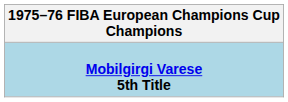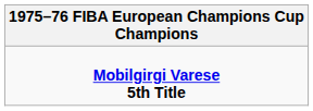 <table class=wikitable style="text-align:center; margin:auto">
 <tr>
 <th>1975–76 FIBA European Champions Cup<br>Champions</th>
 </tr>
 <tr>
-<td style="background: lightblue;"> <br> <strong><a href='#'>Mobilgirgi Varese</a></strong> <br> <strong>5th Title</strong></td>
+<td> <br> <strong><a href='#'>Mobilgirgi Varese</a></strong> <br> <strong>5th Title</strong></td>
 </tr>
 </table>
